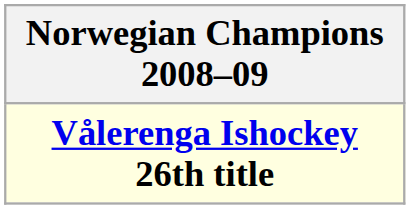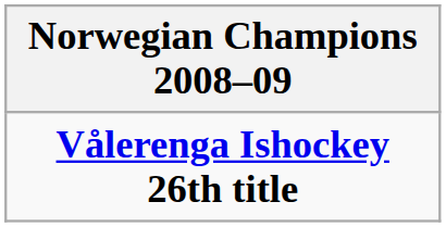 <table class="wikitable" style="text-align: center; margin: 0 auto; width: 20%">
 <tr>
 <th>Norwegian Champions<br>2008–09</th>
 </tr>
 <tr>
-<td style="background: lightyellow;"><strong><a href='#'>Vålerenga Ishockey</a></strong><br><strong>26th title</strong></td>
+<td><strong><a href='#'>Vålerenga Ishockey</a></strong><br><strong>26th title</strong></td>
 </tr>
 </table>
